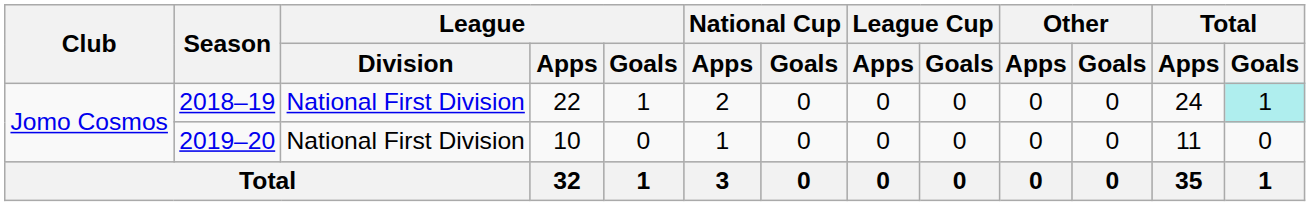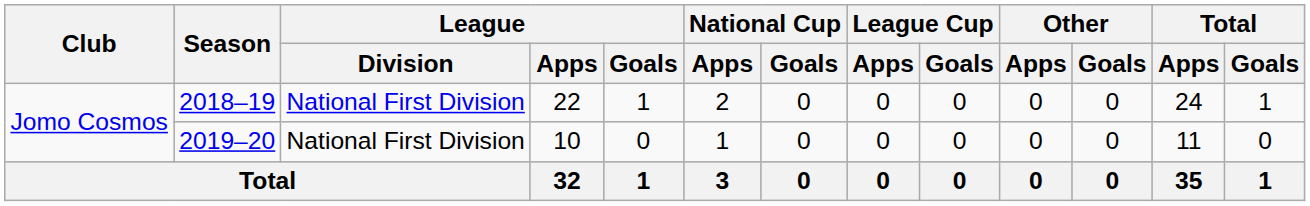 <table class="wikitable" style="text-align: center">
 <tr>
 <th rowspan="2">Club</th>
 <th rowspan="2">Season</th>
 <th colspan="3">League</th>
 <th colspan="2">National Cup</th>
 <th colspan="2">League Cup</th>
 <th colspan="2">Other</th>
 <th colspan="2">Total</th>
 </tr>
 <tr>
 <th>Division</th>
 <th>Apps</th>
 <th>Goals</th>
 <th>Apps</th>
 <th>Goals</th>
 <th>Apps</th>
 <th>Goals</th>
 <th>Apps</th>
 <th>Goals</th>
 <th>Apps</th>
 <th>Goals</th>
 </tr>
 <tr>
 <td rowspan="2"><a href='#'>Jomo Cosmos</a></td>
 <td><a href='#'>2018–19</a></td>
 <td><a href='#'>National First Division</a></td>
 <td>22</td>
 <td>1</td>
 <td>2</td>
 <td>0</td>
 <td>0</td>
 <td>0</td>
 <td>0</td>
 <td>0</td>
 <td>24</td>
-<td style="background: paleturquoise;">1</td>
+<td>1</td>
 </tr>
 <tr>
 <td><a href='#'>2019–20</a></td>
 <td>National First Division</td>
 <td>10</td>
 <td>0</td>
 <td>1</td>
 <td>0</td>
 <td>0</td>
 <td>0</td>
 <td>0</td>
 <td>0</td>
 <td>11</td>
 <td>0</td>
 </tr>
 <tr>
 <th colspan="3">Total</th>
 <th>32</th>
 <th>1</th>
 <th>3</th>
 <th>0</th>
 <th>0</th>
 <th>0</th>
 <th>0</th>
 <th>0</th>
 <th>35</th>
 <th>1</th>
 </tr>
 </table>
